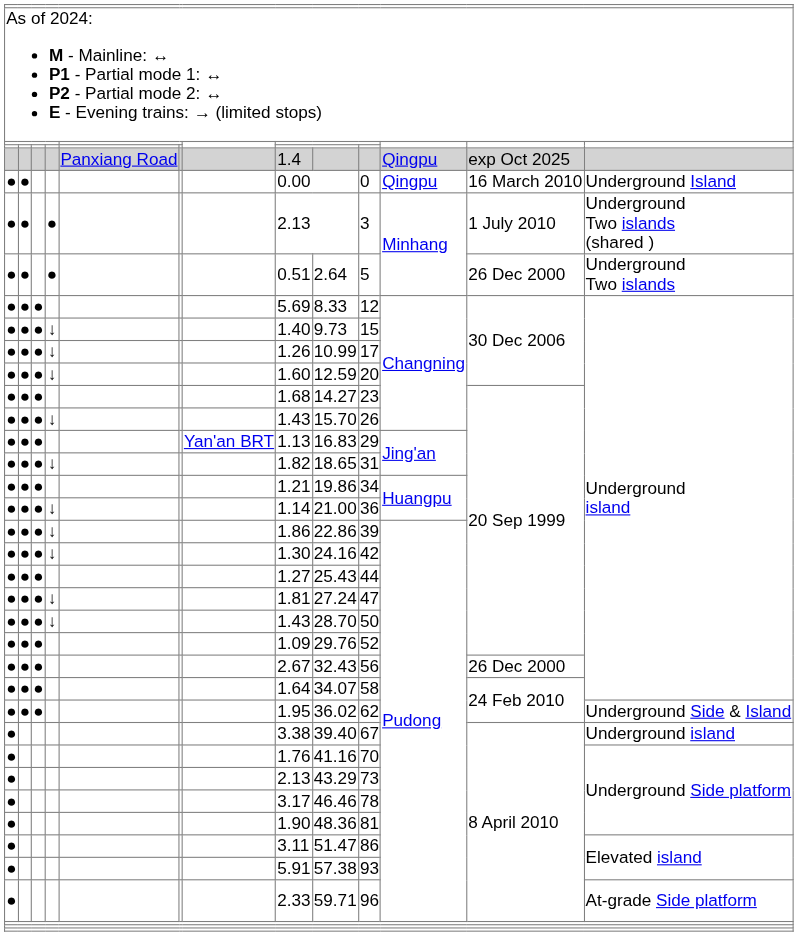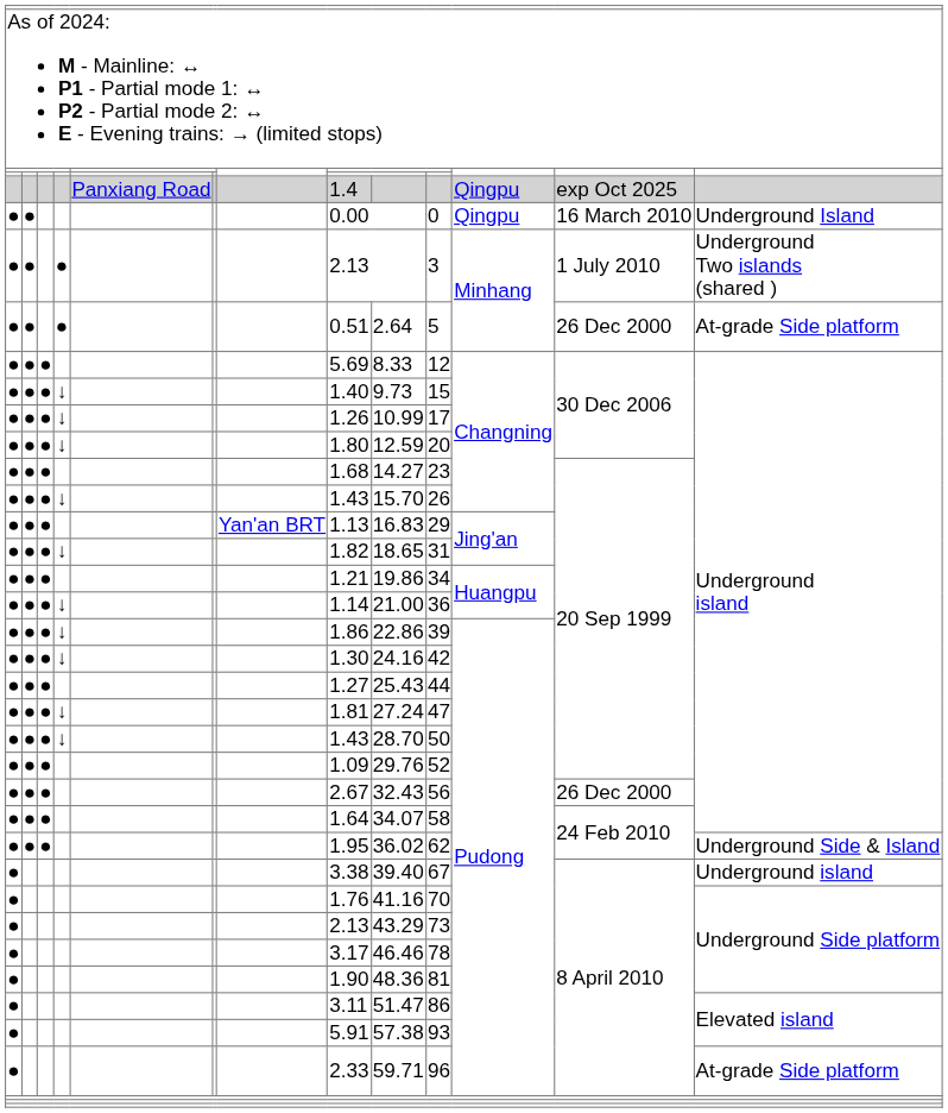 <table border=1 style="border-collapse: collapse;" class="mw-collapsible">
 <tr>
 <th colspan="13" style="text-align: center"></th>
 </tr>
 <tr>
 <td colspan="13" style="text-align: left">As of 2024:<br><ul><li><strong>M</strong> - Mainline:  ↔  </li><li><strong>P1</strong> - Partial mode 1:  ↔ </li><li><strong>P2</strong> - Partial mode 2:  ↔ </li><li><strong>E</strong> - Evening trains:  →  (limited stops)</li></ul></td>
 </tr>
 <tr>
 <th rowspan="1" colspan="4"></th>
 <th colspan="2"></th>
 <th rowspan="2"></th>
 <th colspan="3" rowspan="1"></th>
 <th rowspan="2"></th>
 <th rowspan="2"></th>
 <th rowspan="2"></th>
 </tr>
 <tr>
 <th rowspan="1"></th>
 <th rowspan="1"></th>
 <th rowspan="1"></th>
 <th rowspan="1"></th>
 <th></th>
 <th></th>
 <th colspan="2"></th>
 <th></th>
 </tr>
 <tr bgcolor="lightgrey">
 <td align="center"></td>
 <td align="center"></td>
 <td></td>
 <td></td>
 <td><a href='#'>Panxiang Road</a></td>
 <td></td>
 <td></td>
 <td>1.4</td>
 <td></td>
 <td></td>
 <td><a href='#'>Qingpu</a></td>
 <td>exp Oct 2025</td>
 <td></td>
 </tr>
 <tr>
 <td align="center">●</td>
 <td align="center">●</td>
 <td align="center"></td>
 <td></td>
 <td></td>
 <td></td>
 <td></td>
 <td colspan="2">0.00</td>
 <td>0</td>
 <td><a href='#'>Qingpu</a></td>
 <td>16 March 2010</td>
 <td>Underground <a href='#'>Island</a></td>
 </tr>
 <tr>
 <td align="center">●</td>
 <td align="center">●</td>
 <td align="center"></td>
 <td align="center">●</td>
 <td></td>
 <td></td>
 <td> <br></td>
 <td colspan="2">2.13</td>
 <td>3</td>
 <td rowspan=2><a href='#'>Minhang</a></td>
 <td>1 July 2010</td>
 <td>Underground <br>Two <a href='#'>islands</a> <br>(shared )</td>
 </tr>
 <tr>
 <td align="center">●</td>
 <td align="center">●</td>
 <td align="center"></td>
 <td align="center">●</td>
 <td></td>
 <td></td>
 <td><br> <br></td>
 <td>0.51</td>
 <td>2.64</td>
 <td>5</td>
 <td>26 Dec 2000</td>
-<td>Underground <br>Two <a href='#'>islands</a></td>
+<td>At-grade <a href='#'>Side platform</a></td>
 </tr>
 <tr>
 <td align="center">●</td>
 <td align="center">●</td>
 <td align="center">●</td>
 <td align="center"></td>
 <td></td>
 <td></td>
 <td></td>
 <td>5.69</td>
 <td>8.33</td>
 <td>12</td>
 <td rowspan=6><a href='#'>Changning</a></td>
 <td rowspan=4>30 Dec 2006</td>
 <td rowspan=18>Underground <br><a href='#'>island</a></td>
 </tr>
 <tr>
 <td align="center">●</td>
 <td align="center">●</td>
 <td align="center">●</td>
 <td align="center">↓</td>
 <td></td>
 <td></td>
 <td></td>
 <td>1.40</td>
 <td>9.73</td>
 <td>15</td>
 </tr>
 <tr>
 <td align="center">●</td>
 <td align="center">●</td>
 <td align="center">●</td>
 <td align="center">↓</td>
 <td></td>
 <td></td>
 <td></td>
 <td>1.26</td>
 <td>10.99</td>
 <td>17</td>
 </tr>
 <tr>
 <td align="center">●</td>
 <td align="center">●</td>
 <td align="center">●</td>
 <td align="center">↓</td>
 <td></td>
 <td></td>
 <td></td>
-<td>1.60</td>
+<td>1.80</td>
 <td>12.59</td>
 <td>20</td>
 </tr>
 <tr>
 <td align="center">●</td>
 <td align="center">●</td>
 <td align="center">●</td>
 <td align="center"></td>
 <td></td>
 <td></td>
 <td> </td>
 <td>1.68</td>
 <td>14.27</td>
 <td>23</td>
 <td rowspan=12>20 Sep 1999</td>
 </tr>
 <tr>
 <td align="center">●</td>
 <td align="center">●</td>
 <td align="center">●</td>
 <td align="center">↓</td>
 <td></td>
 <td></td>
 <td></td>
 <td>1.43</td>
 <td>15.70</td>
 <td>26</td>
 </tr>
 <tr>
 <td align="center">●</td>
 <td align="center">●</td>
 <td align="center">●</td>
 <td align="center"></td>
 <td></td>
 <td></td>
 <td>   <a href='#'>Yan'an BRT</a></td>
 <td>1.13</td>
 <td>16.83</td>
 <td>29</td>
 <td rowspan=2><a href='#'>Jing'an</a></td>
 </tr>
 <tr>
 <td align="center">●</td>
 <td align="center">●</td>
 <td align="center">●</td>
 <td align="center">↓</td>
 <td></td>
 <td></td>
 <td> </td>
 <td>1.82</td>
 <td>18.65</td>
 <td>31</td>
 </tr>
 <tr>
 <td align="center">●</td>
 <td align="center">●</td>
 <td align="center">●</td>
 <td align="center"></td>
 <td></td>
 <td></td>
 <td> </td>
 <td>1.21</td>
 <td>19.86</td>
 <td>34</td>
 <td rowspan=2><a href='#'>Huangpu</a></td>
 </tr>
 <tr>
 <td align="center">●</td>
 <td align="center">●</td>
 <td align="center">●</td>
 <td align="center">↓</td>
 <td></td>
 <td></td>
 <td></td>
 <td>1.14</td>
 <td>21.00</td>
 <td>36</td>
 </tr>
 <tr>
 <td align="center">●</td>
 <td align="center">●</td>
 <td align="center">●</td>
 <td align="center">↓</td>
 <td></td>
 <td></td>
 <td></td>
 <td>1.86</td>
 <td>22.86</td>
 <td>39</td>
 <td rowspan=17><a href='#'>Pudong</a></td>
 </tr>
 <tr>
 <td align="center">●</td>
 <td align="center">●</td>
 <td align="center">●</td>
 <td align="center">↓</td>
 <td></td>
 <td></td>
 <td></td>
 <td>1.30</td>
 <td>24.16</td>
 <td>42</td>
 </tr>
 <tr>
 <td align="center">●</td>
 <td align="center">●</td>
 <td align="center">●</td>
 <td align="center"></td>
 <td></td>
 <td></td>
 <td>  </td>
 <td>1.27</td>
 <td>25.43</td>
 <td>44</td>
 </tr>
 <tr>
 <td align="center">●</td>
 <td align="center">●</td>
 <td align="center">●</td>
 <td align="center">↓</td>
 <td></td>
 <td></td>
 <td></td>
 <td>1.81</td>
 <td>27.24</td>
 <td>47</td>
 </tr>
 <tr>
 <td align="center">●</td>
 <td align="center">●</td>
 <td align="center">●</td>
 <td align="center">↓</td>
 <td></td>
 <td></td>
 <td></td>
 <td>1.43</td>
 <td>28.70</td>
 <td>50</td>
 </tr>
 <tr>
 <td align="center">●</td>
 <td align="center">●</td>
 <td align="center">●</td>
 <td align="center"></td>
 <td></td>
 <td></td>
 <td>   </td>
 <td>1.09</td>
 <td>29.76</td>
 <td>52</td>
 </tr>
 <tr>
 <td align="center">●</td>
 <td align="center">●</td>
 <td align="center">●</td>
 <td></td>
 <td></td>
 <td></td>
 <td></td>
 <td>2.67</td>
 <td>32.43</td>
 <td>56</td>
 <td>26 Dec 2000</td>
 </tr>
 <tr>
 <td align="center">●</td>
 <td align="center">●</td>
 <td align="center">●</td>
 <td></td>
 <td></td>
 <td></td>
 <td></td>
 <td>1.64</td>
 <td>34.07</td>
 <td>58</td>
 <td rowspan=2>24 Feb 2010</td>
 </tr>
 <tr>
 <td align="center">●</td>
 <td align="center">●</td>
 <td align="center">●</td>
 <td></td>
 <td></td>
 <td></td>
 <td></td>
 <td>1.95</td>
 <td>36.02</td>
 <td>62</td>
 <td>Underground <a href='#'>Side</a> & <a href='#'>Island</a></td>
 </tr>
 <tr>
 <td align="center">●</td>
 <td align="center"></td>
 <td align="center"></td>
 <td></td>
 <td></td>
 <td></td>
 <td></td>
 <td>3.38</td>
 <td>39.40</td>
 <td>67</td>
 <td rowspan=8>8 April 2010</td>
 <td>Underground <a href='#'>island</a></td>
 </tr>
 <tr>
 <td align="center">●</td>
 <td align="center"></td>
 <td align="center"></td>
 <td></td>
 <td></td>
 <td></td>
 <td></td>
 <td>1.76</td>
 <td>41.16</td>
 <td>70</td>
 <td rowspan=4>Underground <a href='#'>Side platform</a></td>
 </tr>
 <tr>
 <td align="center">●</td>
 <td align="center"></td>
 <td align="center"></td>
 <td></td>
 <td></td>
 <td></td>
 <td></td>
 <td>2.13</td>
 <td>43.29</td>
 <td>73</td>
 </tr>
 <tr>
 <td align="center">●</td>
 <td align="center"></td>
 <td align="center"></td>
 <td></td>
 <td></td>
 <td></td>
 <td></td>
 <td>3.17</td>
 <td>46.46</td>
 <td>78</td>
 </tr>
 <tr>
 <td align="center">●</td>
 <td align="center"></td>
 <td align="center"></td>
 <td></td>
 <td></td>
 <td></td>
 <td></td>
 <td>1.90</td>
 <td>48.36</td>
 <td>81</td>
 </tr>
 <tr>
 <td align="center">●</td>
 <td align="center"></td>
 <td align="center"></td>
 <td></td>
 <td></td>
 <td></td>
 <td></td>
 <td>3.11</td>
 <td>51.47</td>
 <td>86</td>
 <td rowspan=2>Elevated <a href='#'>island</a></td>
 </tr>
 <tr>
 <td align="center">●</td>
 <td align="center"></td>
 <td align="center"></td>
 <td></td>
 <td></td>
 <td></td>
 <td></td>
 <td>5.91</td>
 <td>57.38</td>
 <td>93</td>
 </tr>
 <tr>
 <td align="center">●</td>
 <td align="center"></td>
 <td align="center"></td>
 <td></td>
 <td></td>
 <td></td>
 <td><br> <br></td>
 <td>2.33</td>
 <td>59.71</td>
 <td>96</td>
 <td>At-grade <a href='#'>Side platform</a></td>
 </tr>
 <tr style="background:#">
 <td colspan="13"></td>
 </tr>
 <tr>
 <td colspan = "13"></td>
 </tr>
 <tr style="background: #">
 <td colspan = "13"></td>
 </tr>
 </table>
